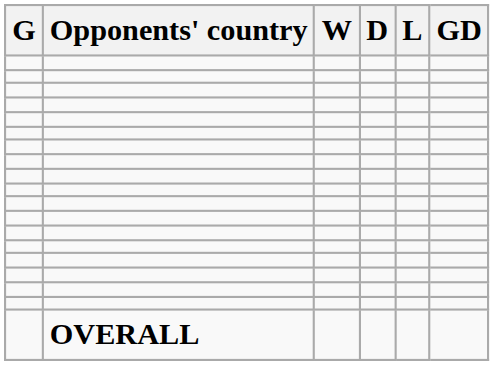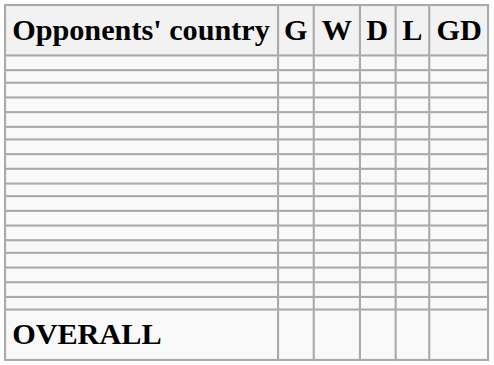 <table class="wikitable" style="font-size:90%">
 <tr>
+<th>Opponents' country</th>
 <th>G</th>
-<th>Opponents' country</th>
 <th>W</th>
 <th>D</th>
 <th>L</th>
 <th>GD</th>
 </tr>
 <tr>
+<td align=left></td>
 <td></td>
-<td align=left></td>
 <td></td>
 <td></td>
 <td></td>
 <td></td>
 </tr>
 <tr>
+<td align=left></td>
 <td></td>
-<td align=left></td>
 <td></td>
 <td></td>
 <td></td>
 <td></td>
 </tr>
 <tr>
+<td align=left></td>
 <td></td>
-<td align=left></td>
 <td></td>
 <td></td>
 <td></td>
 <td></td>
 </tr>
 <tr>
+<td align=left></td>
 <td></td>
-<td align=left></td>
 <td></td>
 <td></td>
 <td></td>
 <td></td>
 </tr>
 <tr>
+<td align=left></td>
 <td></td>
-<td align=left></td>
 <td></td>
 <td></td>
 <td></td>
 <td></td>
 </tr>
 <tr>
+<td align=left></td>
 <td></td>
-<td align=left></td>
 <td></td>
 <td></td>
 <td></td>
 <td></td>
 </tr>
 <tr>
+<td align=left></td>
 <td></td>
-<td align=left></td>
 <td></td>
 <td></td>
 <td></td>
 <td></td>
 </tr>
 <tr>
+<td align=left></td>
 <td></td>
-<td align=left></td>
 <td></td>
 <td></td>
 <td></td>
 <td></td>
 </tr>
 <tr>
+<td align=left></td>
 <td></td>
-<td align=left></td>
 <td></td>
 <td></td>
 <td></td>
 <td></td>
 </tr>
 <tr>
+<td align=left></td>
 <td></td>
-<td align=left></td>
 <td></td>
 <td></td>
 <td></td>
 <td></td>
 </tr>
 <tr>
+<td align=left></td>
 <td></td>
-<td align=left></td>
 <td></td>
 <td></td>
 <td></td>
 <td></td>
 </tr>
 <tr>
+<td align=left></td>
 <td></td>
-<td align=left></td>
 <td></td>
 <td></td>
 <td></td>
 <td></td>
 </tr>
 <tr>
+<td align=left></td>
 <td></td>
-<td align=left></td>
 <td></td>
 <td></td>
 <td></td>
 <td></td>
 </tr>
 <tr>
+<td align=left></td>
 <td></td>
-<td align=left></td>
 <td></td>
 <td></td>
 <td></td>
 <td></td>
 </tr>
 <tr>
+<td align=left></td>
 <td></td>
-<td align=left></td>
 <td></td>
 <td></td>
 <td></td>
 <td></td>
 </tr>
 <tr>
+<td align=left></td>
 <td></td>
-<td align=left></td>
 <td></td>
 <td></td>
 <td></td>
 <td></td>
 </tr>
 <tr>
+<td align=left></td>
 <td></td>
-<td align=left></td>
 <td></td>
 <td></td>
 <td></td>
 <td></td>
 </tr>
 <tr>
+<td align=left></td>
 <td></td>
-<td align=left></td>
 <td></td>
 <td></td>
 <td></td>
 <td></td>
 </tr>
 <tr>
+<td><strong>OVERALL</strong></td>
 <td></td>
-<td><strong>OVERALL</strong></td>
 <td></td>
 <td></td>
 <td></td>
 <td></td>
 </tr>
 </table>
